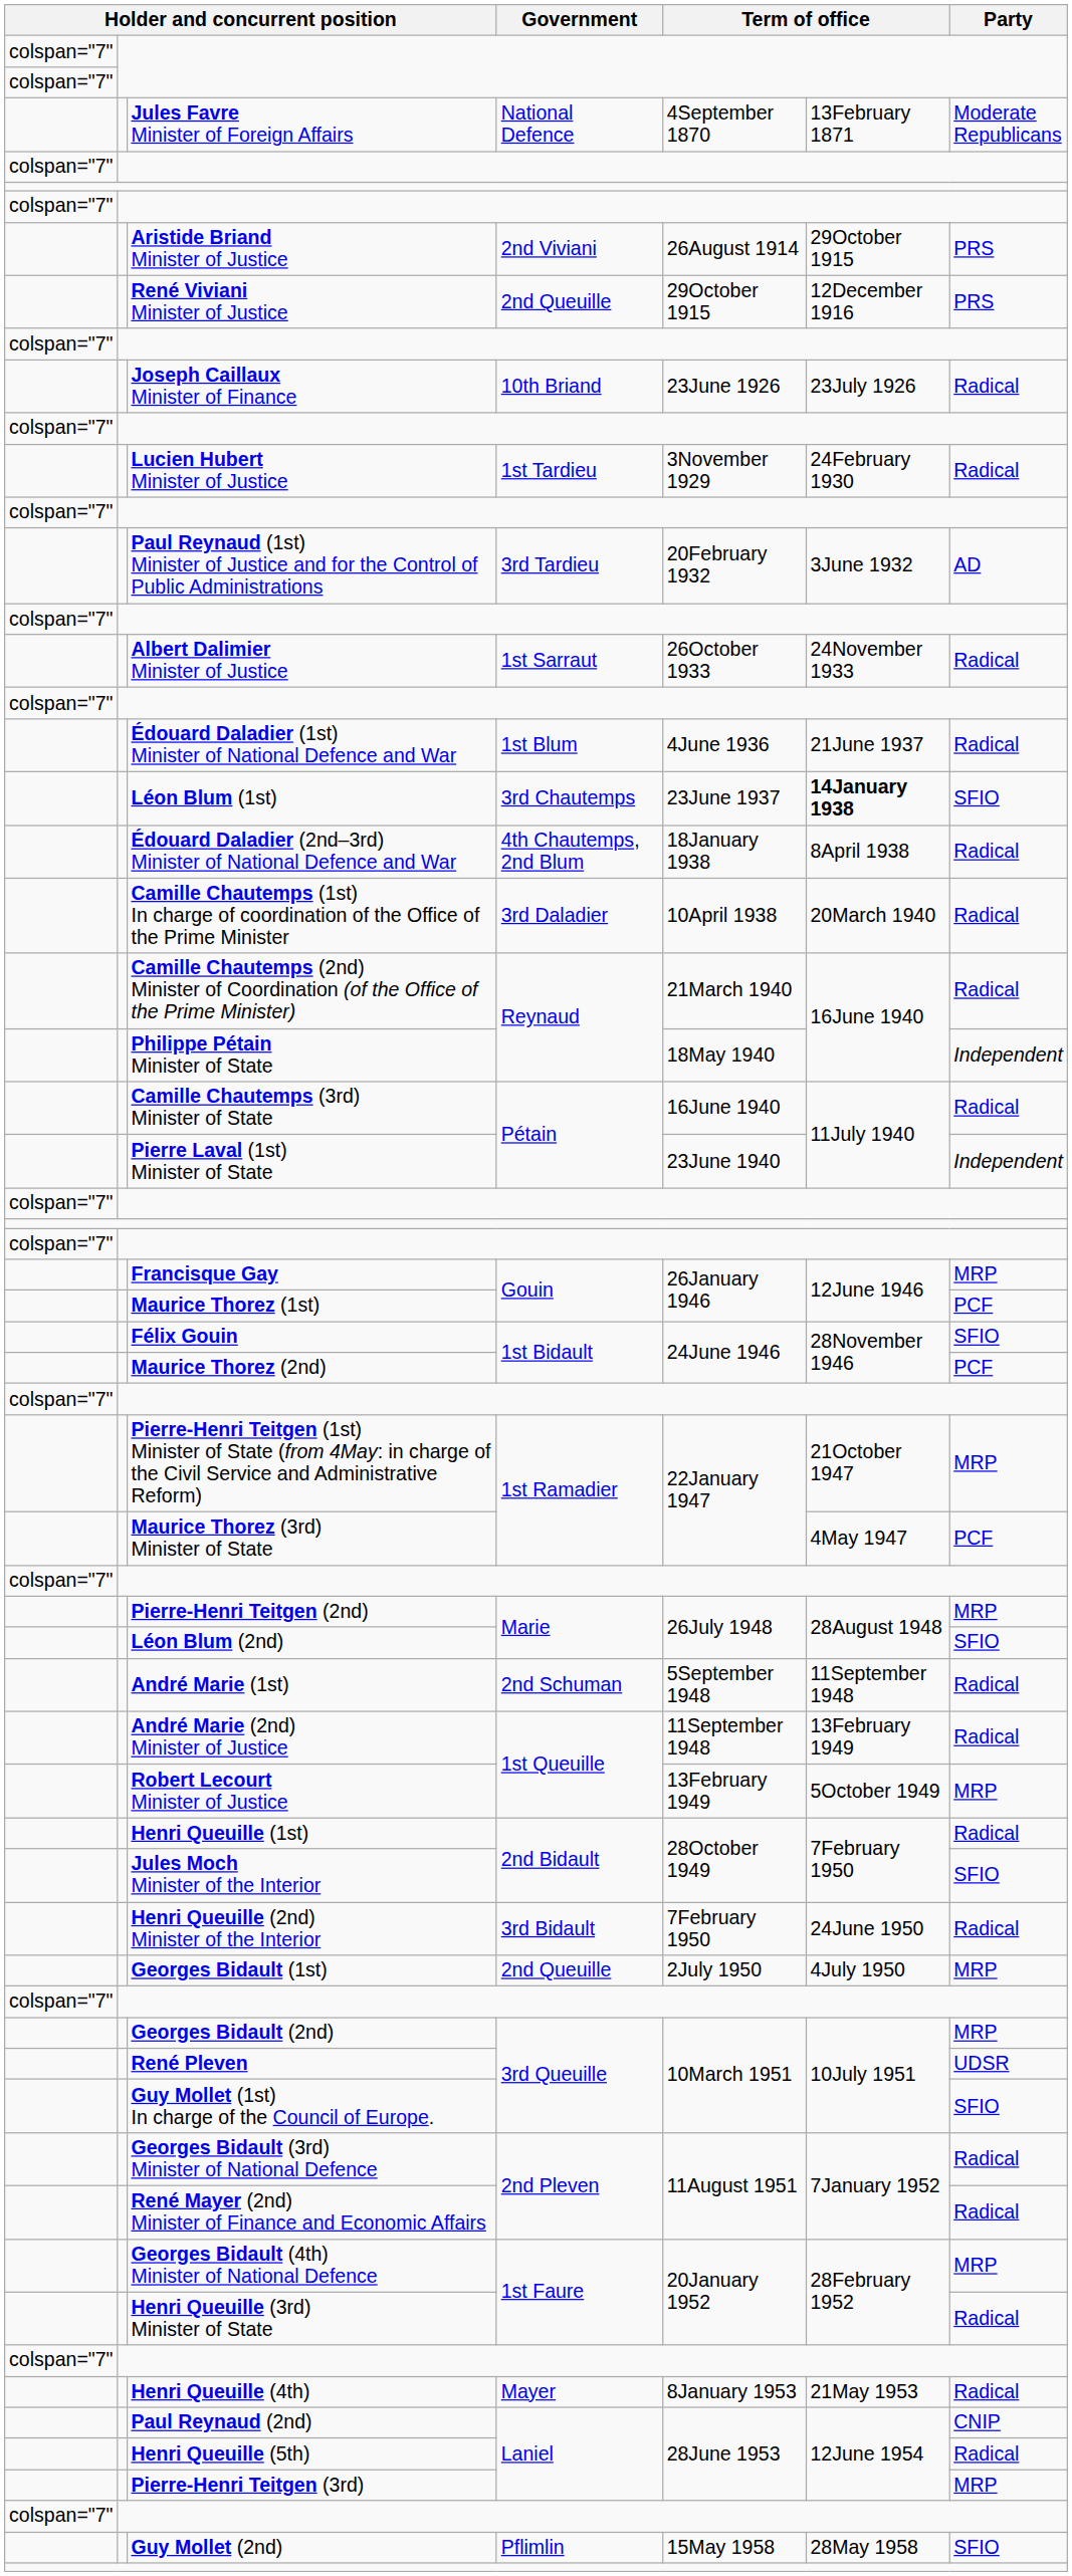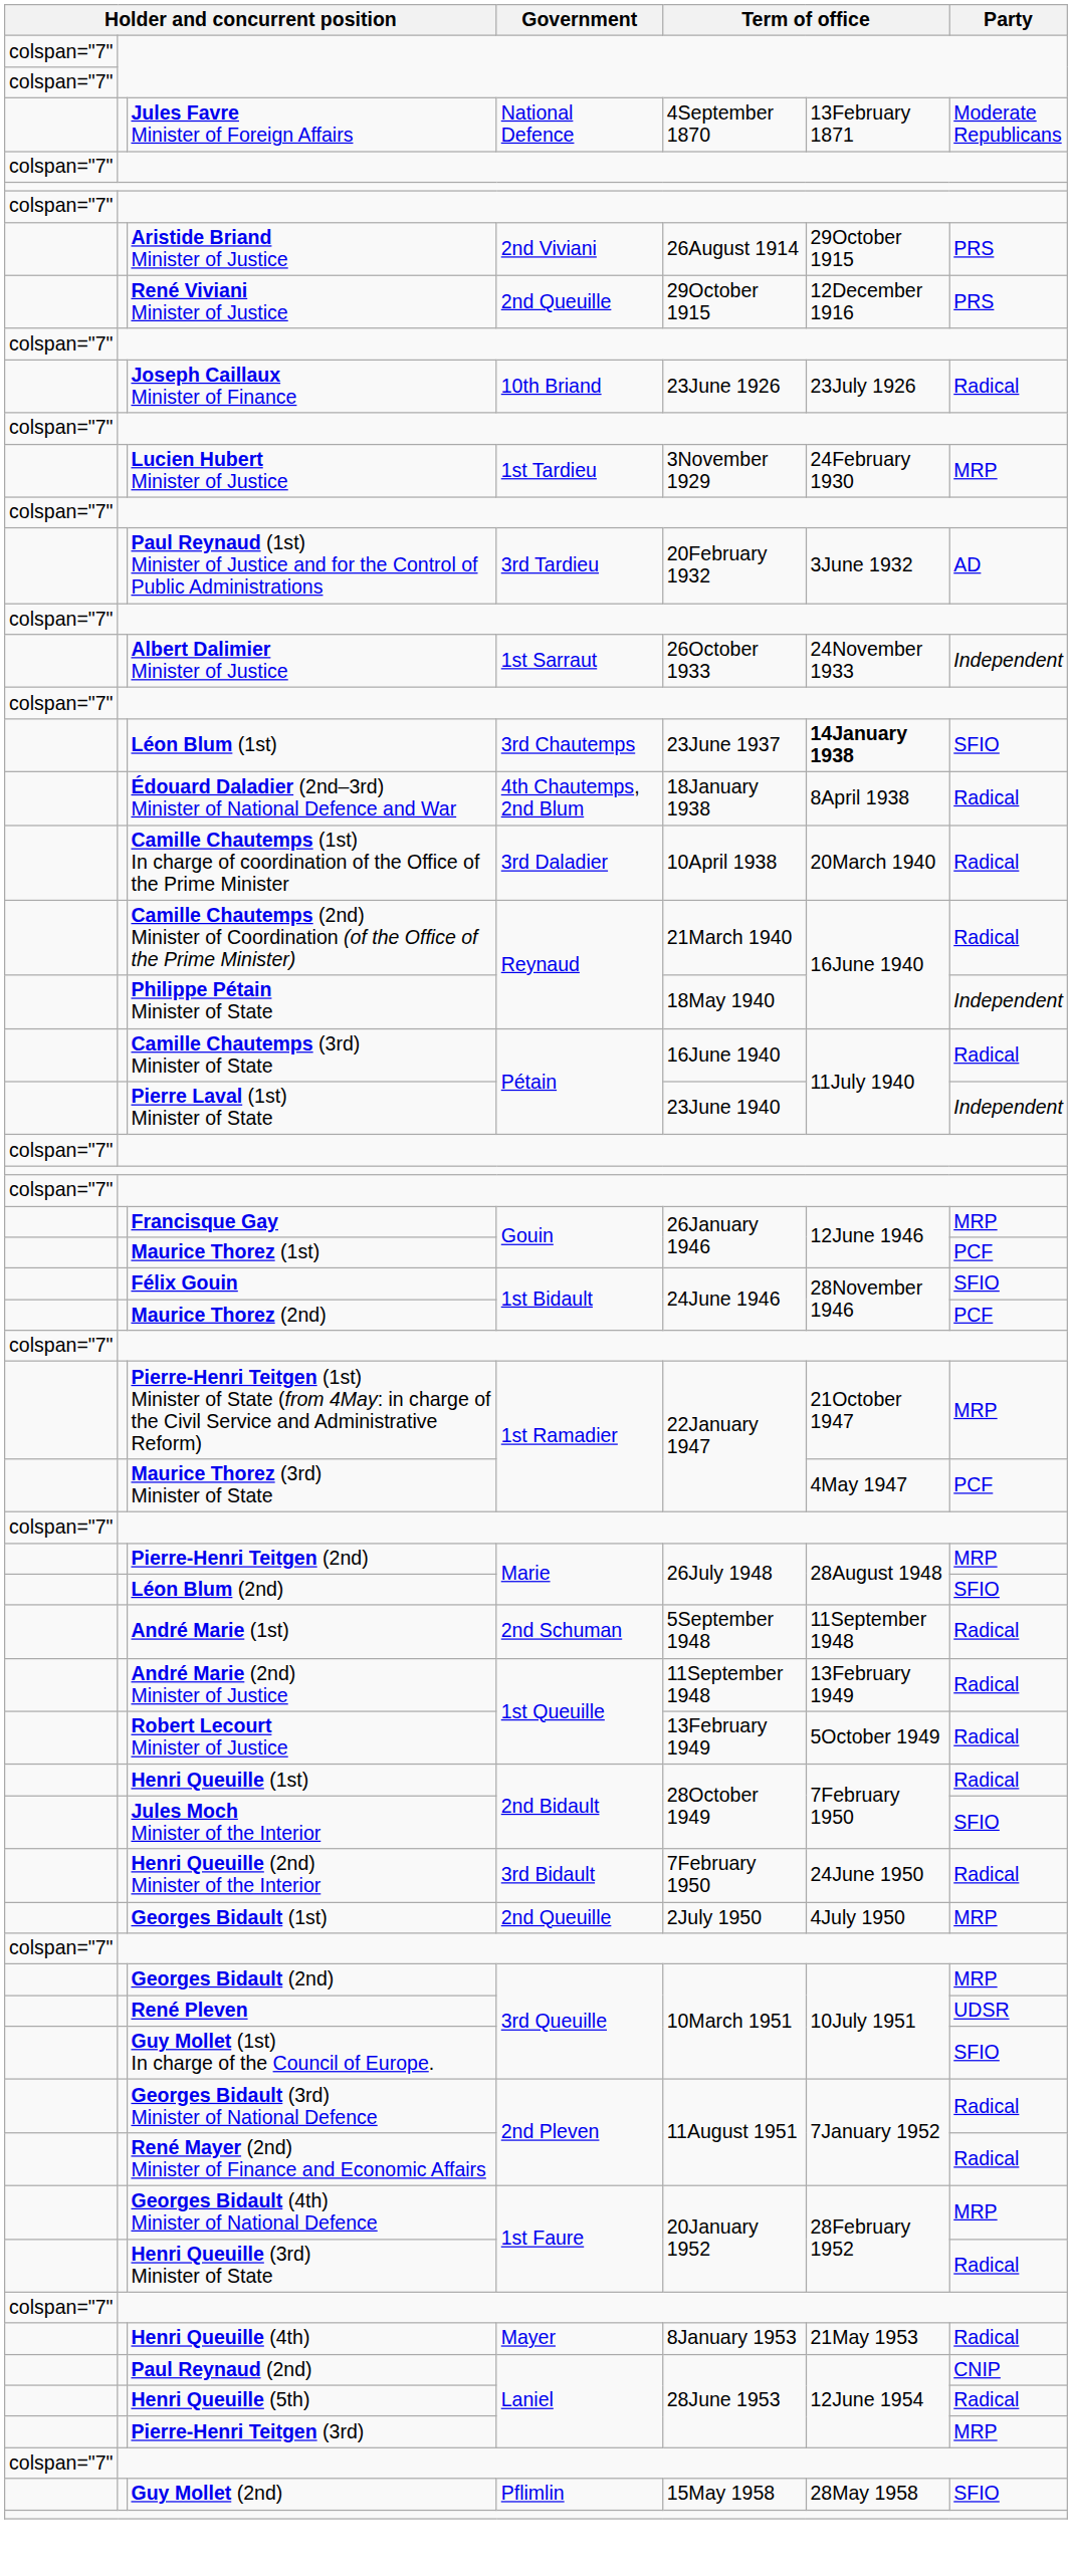 <table class="wikitable">
 <tr>
 <th colspan="3">Holder and concurrent position</th>
 <th>Government</th>
 <th colspan="2">Term of office</th>
 <th>Party</th>
 </tr>
 <tr>
 <td>colspan="7" </td>
 </tr>
 <tr>
 <td>colspan="7" </td>
 </tr>
 <tr>
 <td style="background:"></td>
 <td></td>
 <td><strong><a href='#'>Jules Favre</a></strong><br><a href='#'>Minister of Foreign Affairs</a></td>
 <td><a href='#'>National <br>Defence</a></td>
 <td>4September 1870</td>
 <td>13February 1871</td>
 <td><a href='#'>Moderate <br>Republicans</a></td>
 </tr>
 <tr>
 <td>colspan="7" </td>
 </tr>
 <tr>
 <td colspan="7"></td>
 </tr>
 <tr>
 <td>colspan="7" </td>
 </tr>
 <tr>
 <td style="background:"></td>
 <td></td>
 <td><strong><a href='#'>Aristide Briand</a></strong><br><a href='#'>Minister of Justice</a></td>
 <td><a href='#'>2nd Viviani</a></td>
 <td>26August 1914</td>
 <td>29October 1915</td>
 <td><a href='#'>PRS</a></td>
 </tr>
 <tr>
 <td style="background:"></td>
 <td></td>
 <td><strong><a href='#'>René Viviani</a></strong><br><a href='#'>Minister of Justice</a></td>
 <td><a href='#'>2nd Queuille</a></td>
 <td>29October 1915</td>
 <td>12December 1916</td>
 <td><a href='#'>PRS</a></td>
 </tr>
 <tr>
 <td>colspan="7" </td>
 </tr>
 <tr>
 <td style="background:"></td>
 <td></td>
 <td><strong><a href='#'>Joseph Caillaux</a></strong><br><a href='#'>Minister of Finance</a></td>
 <td><a href='#'>10th Briand</a></td>
 <td>23June 1926</td>
 <td>23July 1926</td>
 <td><a href='#'>Radical</a></td>
 </tr>
 <tr>
 <td>colspan="7" </td>
 </tr>
 <tr>
 <td style="background:"></td>
 <td></td>
 <td><strong><a href='#'>Lucien Hubert</a></strong><br><a href='#'>Minister of Justice</a></td>
 <td><a href='#'>1st Tardieu</a></td>
 <td>3November 1929</td>
 <td>24February 1930</td>
-<td><a href='#'>Radical</a></td>
+<td><a href='#'>MRP</a></td>
 </tr>
 <tr>
 <td>colspan="7" </td>
 </tr>
 <tr>
 <td style="background:"></td>
 <td></td>
 <td><strong><a href='#'>Paul Reynaud</a></strong> (1st)<br><a href='#'>Minister of Justice and for the Control of Public Administrations</a></td>
 <td><a href='#'>3rd Tardieu</a></td>
 <td>20February 1932</td>
 <td>3June 1932</td>
 <td><a href='#'>AD</a></td>
 </tr>
 <tr>
 <td>colspan="7" </td>
 </tr>
 <tr>
 <td style="background:"></td>
 <td></td>
 <td><strong><a href='#'>Albert Dalimier</a></strong><br><a href='#'>Minister of Justice</a></td>
 <td><a href='#'>1st Sarraut</a></td>
 <td>26October 1933</td>
 <td>24November 1933</td>
-<td><a href='#'>Radical</a></td>
+<td><em>Independent</em></td>
 </tr>
 <tr>
 <td>colspan="7" </td>
-</tr>
-<tr>
-<td style="background:"></td>
-<td></td>
-<td><strong><a href='#'>Édouard Daladier</a></strong> (1st)<br><a href='#'>Minister of National Defence and War</a></td>
-<td><a href='#'>1st Blum</a></td>
-<td>4June 1936</td>
-<td>21June 1937</td>
-<td><a href='#'>Radical</a></td>
 </tr>
 <tr>
 <td style="background:"></td>
 <td></td>
 <td><strong><a href='#'>Léon Blum</a></strong> (1st)<br></td>
 <td><a href='#'>3rd Chautemps</a></td>
 <td>23June 1937</td>
 <td><strong>14January 1938</strong></td>
 <td><a href='#'>SFIO</a></td>
 </tr>
 <tr>
 <td style="background:"></td>
 <td></td>
 <td><strong><a href='#'>Édouard Daladier</a></strong> (2nd–3rd)<br><a href='#'>Minister of National Defence and War</a></td>
 <td><a href='#'>4th Chautemps</a>, <a href='#'>2nd Blum</a></td>
 <td>18January 1938</td>
 <td>8April 1938</td>
 <td><a href='#'>Radical</a></td>
 </tr>
 <tr>
 <td style="background:"></td>
 <td></td>
 <td><strong><a href='#'>Camille Chautemps</a></strong> (1st)<br>In charge of coordination of the Office of the Prime Minister</td>
 <td><a href='#'>3rd Daladier</a></td>
 <td>10April 1938</td>
 <td>20March 1940</td>
 <td><a href='#'>Radical</a></td>
 </tr>
 <tr>
 <td style="background:"></td>
 <td></td>
 <td><strong><a href='#'>Camille Chautemps</a></strong> (2nd)<br>Minister of Coordination <em>(of the Office of the Prime Minister)</em></td>
 <td rowspan="2"><a href='#'>Reynaud</a></td>
 <td>21March 1940</td>
 <td rowspan="2">16June 1940</td>
 <td><a href='#'>Radical</a></td>
 </tr>
 <tr>
 <td style="background:"></td>
 <td></td>
 <td><strong><a href='#'>Philippe Pétain</a></strong><br>Minister of State</td>
 <td>18May 1940<br></td>
 <td><em>Independent</em></td>
 </tr>
 <tr>
 <td style="background:"></td>
 <td></td>
 <td><strong><a href='#'>Camille Chautemps</a></strong> (3rd)<br>Minister of State</td>
 <td rowspan="2"><a href='#'>Pétain</a></td>
 <td>16June 1940</td>
 <td rowspan="2">11July 1940</td>
 <td><a href='#'>Radical</a></td>
 </tr>
 <tr>
 <td style="background:"></td>
 <td></td>
 <td><strong><a href='#'>Pierre Laval</a></strong> (1st)<br>Minister of State</td>
 <td>23June 1940<br></td>
 <td><em>Independent</em></td>
 </tr>
 <tr>
 <td>colspan="7" </td>
 </tr>
 <tr>
 <td colspan="7"></td>
 </tr>
 <tr>
 <td>colspan="7" </td>
 </tr>
 <tr>
 <td style="background:"></td>
 <td></td>
 <td><strong><a href='#'>Francisque Gay</a></strong><br></td>
 <td rowspan="2"><a href='#'>Gouin</a></td>
 <td rowspan="2">26January 1946</td>
 <td rowspan="2">12June 1946</td>
 <td><a href='#'>MRP</a></td>
 </tr>
 <tr>
 <td style="background:"></td>
 <td></td>
 <td><strong><a href='#'>Maurice Thorez</a></strong> (1st)<br></td>
 <td><a href='#'>PCF</a></td>
 </tr>
 <tr>
 <td style="background:"></td>
 <td></td>
 <td><strong><a href='#'>Félix Gouin</a></strong></td>
 <td rowspan="2"><a href='#'>1st Bidault</a></td>
 <td rowspan="2">24June 1946</td>
 <td rowspan="2">28November 1946</td>
 <td><a href='#'>SFIO</a></td>
 </tr>
 <tr>
 <td style="background:"></td>
 <td></td>
 <td><strong><a href='#'>Maurice Thorez</a></strong> (2nd)<br></td>
 <td><a href='#'>PCF</a></td>
 </tr>
 <tr>
 <td>colspan="7" </td>
 </tr>
 <tr>
 <td style="background:"></td>
 <td></td>
 <td><strong><a href='#'>Pierre-Henri Teitgen</a></strong> (1st)<br>Minister of State (<em>from 4May</em>: in charge of the Civil Service and Administrative Reform)</td>
 <td rowspan="2"><a href='#'>1st Ramadier</a></td>
 <td rowspan="2">22January 1947</td>
 <td>21October 1947</td>
 <td><a href='#'>MRP</a></td>
 </tr>
 <tr>
 <td style="background:"></td>
 <td></td>
 <td><strong><a href='#'>Maurice Thorez</a></strong> (3rd)<br>Minister of State</td>
 <td>4May 1947<br></td>
 <td><a href='#'>PCF</a></td>
 </tr>
 <tr>
 <td>colspan="7" </td>
 </tr>
 <tr>
 <td style="background:"></td>
 <td></td>
 <td><strong><a href='#'>Pierre-Henri Teitgen</a></strong> (2nd)</td>
 <td rowspan="2"><a href='#'>Marie</a></td>
 <td rowspan="2">26July 1948</td>
 <td rowspan="2">28August 1948</td>
 <td><a href='#'>MRP</a></td>
 </tr>
 <tr>
 <td style="background:"></td>
 <td></td>
 <td><strong><a href='#'>Léon Blum</a></strong> (2nd)</td>
 <td><a href='#'>SFIO</a></td>
 </tr>
 <tr>
 <td style="background:"></td>
 <td></td>
 <td><strong><a href='#'>André Marie</a></strong> (1st)</td>
 <td><a href='#'>2nd Schuman</a></td>
 <td>5September 1948</td>
 <td>11September 1948</td>
 <td><a href='#'>Radical</a></td>
 </tr>
 <tr>
 <td style="background:"></td>
 <td></td>
 <td><strong><a href='#'>André Marie</a></strong> (2nd)<br><a href='#'>Minister of Justice</a></td>
 <td rowspan="2"><a href='#'>1st Queuille</a></td>
 <td>11September 1948</td>
 <td>13February 1949<br></td>
 <td><a href='#'>Radical</a></td>
 </tr>
 <tr>
 <td style="background:"></td>
 <td></td>
 <td><strong><a href='#'>Robert Lecourt</a></strong><br><a href='#'>Minister of Justice</a></td>
 <td>13February 1949<br></td>
 <td>5October 1949</td>
-<td><a href='#'>MRP</a></td>
+<td><a href='#'>Radical</a></td>
 </tr>
 <tr>
 <td style="background:"></td>
 <td></td>
 <td><strong><a href='#'>Henri Queuille</a></strong> (1st)</td>
 <td rowspan="2"><a href='#'>2nd Bidault</a></td>
 <td rowspan="2">28October 1949</td>
 <td rowspan="2">7February 1950</td>
 <td><a href='#'>Radical</a></td>
 </tr>
 <tr>
 <td style="background:"></td>
 <td></td>
 <td><strong><a href='#'>Jules Moch</a></strong><br><a href='#'>Minister of the Interior</a></td>
 <td><a href='#'>SFIO</a></td>
 </tr>
 <tr>
 <td style="background:"></td>
 <td></td>
 <td><strong><a href='#'>Henri Queuille</a></strong> (2nd)<br><a href='#'>Minister of the Interior</a></td>
 <td><a href='#'>3rd Bidault</a></td>
 <td>7February 1950</td>
 <td>24June 1950</td>
 <td><a href='#'>Radical</a></td>
 </tr>
 <tr>
 <td style="background:"></td>
 <td></td>
 <td><strong><a href='#'>Georges Bidault</a></strong> (1st)</td>
 <td><a href='#'>2nd Queuille</a></td>
 <td>2July 1950</td>
 <td>4July 1950</td>
 <td><a href='#'>MRP</a></td>
 </tr>
 <tr>
 <td>colspan="7" </td>
 </tr>
 <tr>
 <td style="background:"></td>
 <td></td>
 <td><strong><a href='#'>Georges Bidault</a></strong> (2nd)</td>
 <td rowspan="3"><a href='#'>3rd Queuille</a></td>
 <td rowspan="3">10March 1951</td>
 <td rowspan="3">10July 1951</td>
 <td><a href='#'>MRP</a></td>
 </tr>
 <tr>
 <td style="background:"></td>
 <td></td>
 <td><strong><a href='#'>René Pleven</a></strong></td>
 <td><a href='#'>UDSR</a></td>
 </tr>
 <tr>
 <td style="background:"></td>
 <td></td>
 <td><strong><a href='#'>Guy Mollet</a></strong> (1st)<br>In charge of the <a href='#'>Council of Europe</a>.</td>
 <td><a href='#'>SFIO</a></td>
 </tr>
 <tr>
 <td style="background:"></td>
 <td></td>
 <td><strong><a href='#'>Georges Bidault</a></strong> (3rd)<br><a href='#'>Minister of National Defence</a></td>
 <td rowspan="2"><a href='#'>2nd Pleven</a></td>
 <td rowspan="2">11August 1951</td>
 <td rowspan="2">7January 1952</td>
 <td><a href='#'>Radical</a></td>
 </tr>
 <tr>
 <td style="background:"></td>
 <td></td>
 <td><strong><a href='#'>René Mayer</a></strong> (2nd)<br><a href='#'>Minister of Finance and Economic Affairs</a></td>
 <td><a href='#'>Radical</a></td>
 </tr>
 <tr>
 <td style="background:"></td>
 <td></td>
 <td><strong><a href='#'>Georges Bidault</a></strong> (4th)<br><a href='#'>Minister of National Defence</a></td>
 <td rowspan="2"><a href='#'>1st Faure</a></td>
 <td rowspan="2">20January 1952</td>
 <td rowspan="2">28February 1952</td>
 <td><a href='#'>MRP</a></td>
 </tr>
 <tr>
 <td style="background:"></td>
 <td></td>
 <td><strong><a href='#'>Henri Queuille</a></strong> (3rd)<br>Minister of State</td>
 <td><a href='#'>Radical</a></td>
 </tr>
 <tr>
 <td>colspan="7" </td>
 </tr>
 <tr>
 <td style="background:"></td>
 <td></td>
 <td><strong><a href='#'>Henri Queuille</a></strong> (4th)</td>
 <td><a href='#'>Mayer</a></td>
 <td>8January 1953</td>
 <td>21May 1953</td>
 <td><a href='#'>Radical</a></td>
 </tr>
 <tr>
 <td style="background:"></td>
 <td></td>
 <td><strong><a href='#'>Paul Reynaud</a></strong> (2nd)</td>
 <td rowspan="3"><a href='#'>Laniel</a></td>
 <td rowspan="3">28June 1953</td>
 <td rowspan="3">12June 1954</td>
 <td><a href='#'>CNIP</a></td>
 </tr>
 <tr>
 <td style="background:"></td>
 <td></td>
 <td><strong><a href='#'>Henri Queuille</a></strong> (5th)</td>
 <td><a href='#'>Radical</a></td>
 </tr>
 <tr>
 <td style="background:"></td>
 <td></td>
 <td><strong><a href='#'>Pierre-Henri Teitgen</a></strong> (3rd)</td>
 <td><a href='#'>MRP</a></td>
 </tr>
 <tr>
 <td>colspan="7" </td>
 </tr>
 <tr>
 <td style="background:"></td>
 <td></td>
 <td><strong><a href='#'>Guy Mollet</a></strong> (2nd)</td>
 <td><a href='#'>Pflimlin</a></td>
 <td>15May 1958<br></td>
 <td>28May 1958</td>
 <td><a href='#'>SFIO</a></td>
 </tr>
 <tr>
 <td colspan="7"></td>
 </tr>
 </table>
